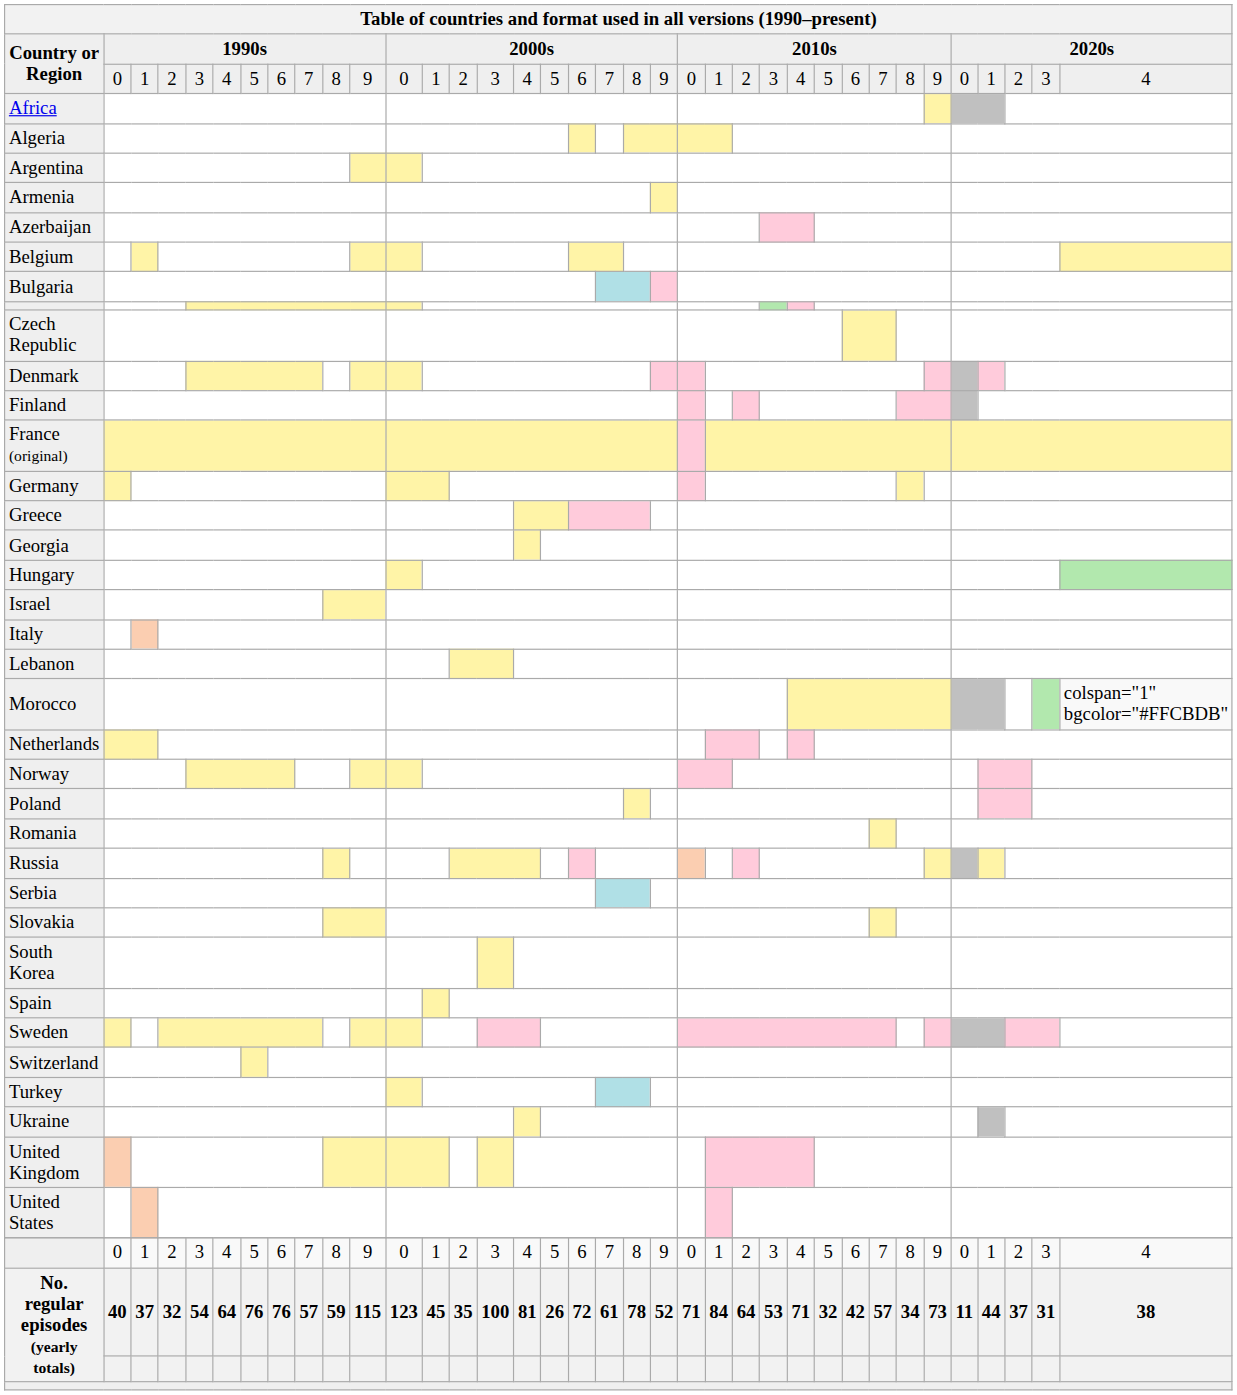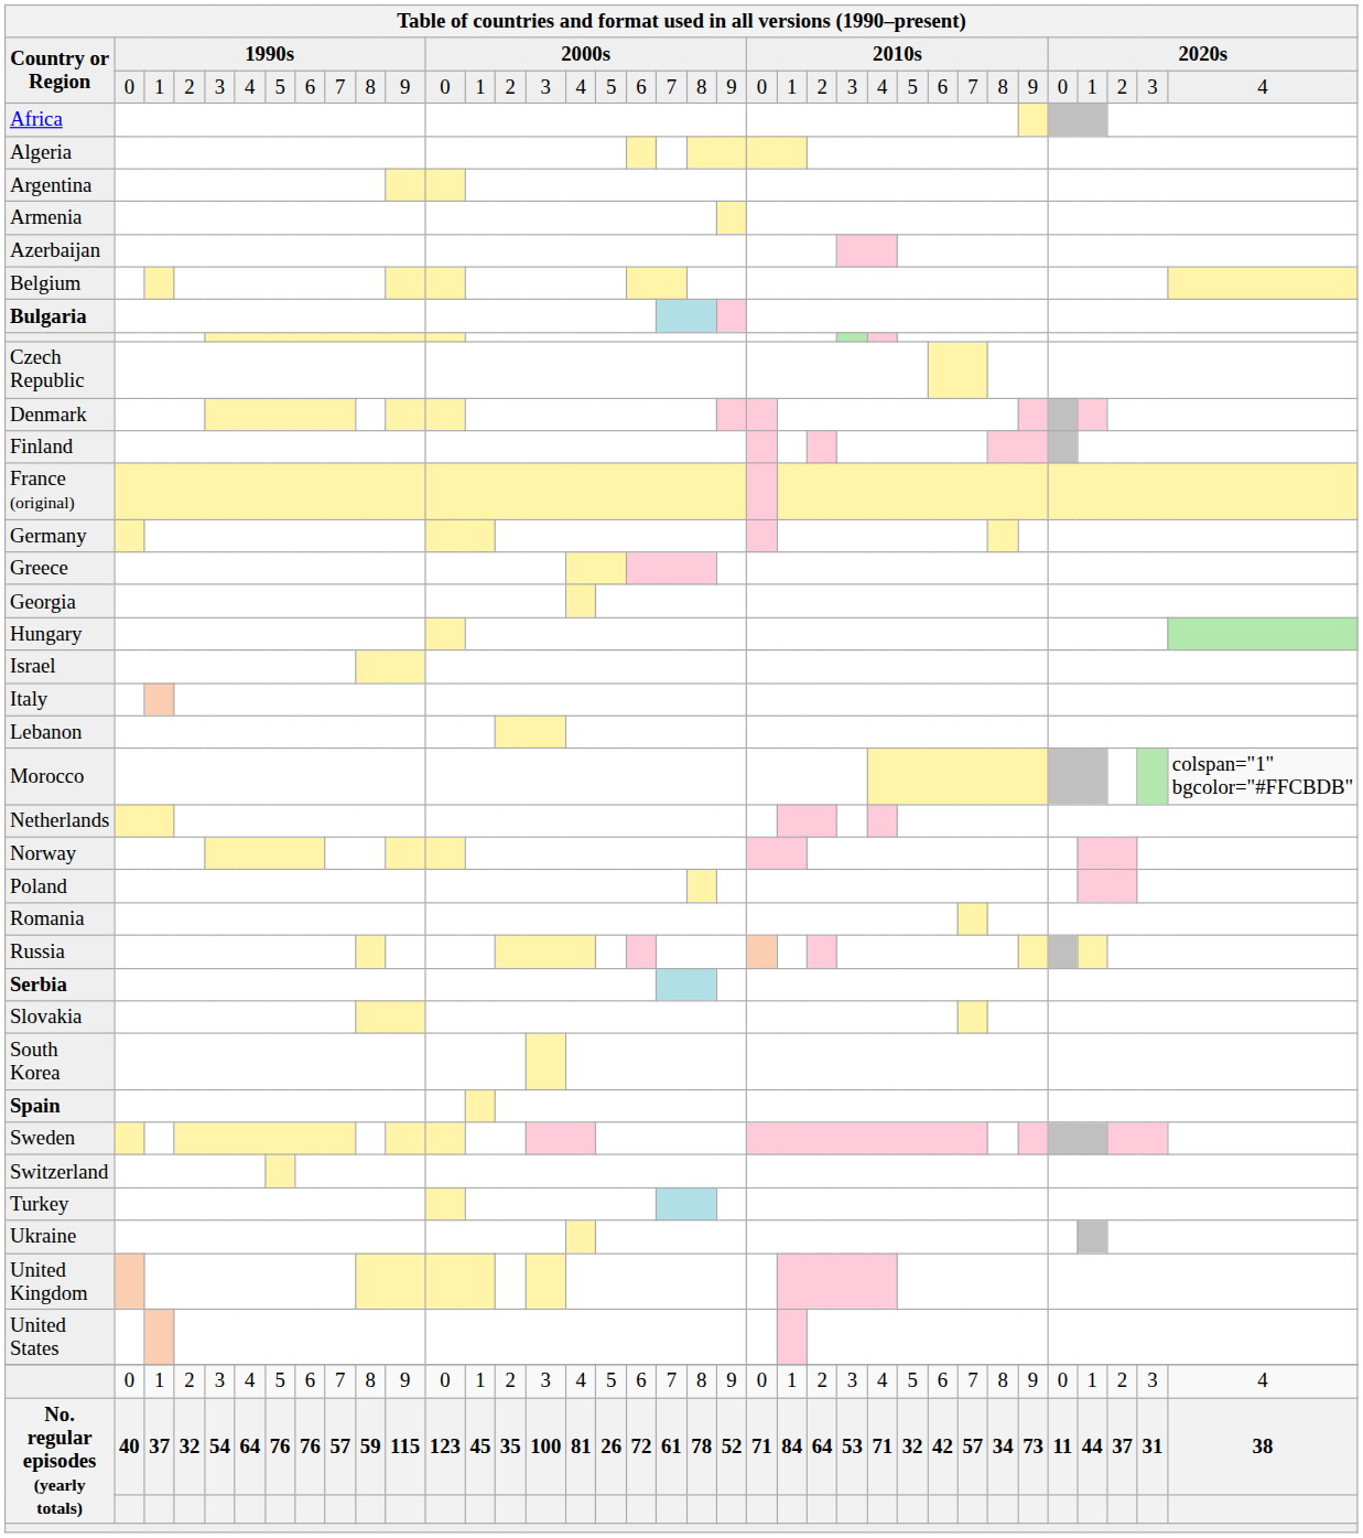 <table class="wikitable collapsible collapsed" text-align:center;>
 <tr>
 <th colspan="36">Table of countries and format used in all versions (1990–present)</th>
 </tr>
 <tr bgcolor="EFEFEF" align="center">
 <td rowspan="2"><strong>Country or Region</strong></td>
 <td colspan="10"><strong>1990s</strong></td>
 <td colspan="10"><strong>2000s</strong></td>
 <td colspan="10"><strong>2010s</strong></td>
 <td colspan="5"><strong>2020s</strong></td>
 </tr>
 <tr bgcolor="#EFEFEF" align="center">
 <td>0</td>
 <td>1</td>
 <td>2</td>
 <td>3</td>
 <td>4</td>
 <td>5</td>
 <td>6</td>
 <td>7</td>
 <td>8</td>
 <td>9</td>
 <td>0</td>
 <td>1</td>
 <td>2</td>
 <td>3</td>
 <td>4</td>
 <td>5</td>
 <td>6</td>
 <td>7</td>
 <td>8</td>
 <td>9</td>
 <td>0</td>
 <td>1</td>
 <td>2</td>
 <td>3</td>
 <td>4</td>
 <td>5</td>
 <td>6</td>
 <td>7</td>
 <td>8</td>
 <td>9</td>
 <td>0</td>
 <td>1</td>
 <td>2</td>
 <td>3</td>
 <td>4</td>
 </tr>
 <tr>
 <td bgcolor="#EFEFEF"><a href='#'>Africa</a></td>
 <td colspan="10" bgcolor="#FFFFFF"></td>
 <td colspan="10" bgcolor="#FFFFFF"></td>
 <td colspan="9" bgcolor="#FFFFFF"></td>
 <td colspan="1" bgcolor="#FFF4A7"></td>
 <td colspan="2" bgcolor="#C0C0C0"></td>
 <td colspan="3" bgcolor="#FFFFFF"></td>
 </tr>
 <tr>
 <td bgcolor="#EFEFEF">Algeria</td>
 <td colspan="10" bgcolor="#FFFFFF"></td>
 <td colspan="6" bgcolor="#FFFFFF"></td>
 <td colspan="1" bgcolor="#FFF4A7"></td>
 <td colspan="1" bgcolor="#FFFFFF"></td>
 <td colspan="2" bgcolor="#FFF4A7"></td>
 <td colspan="2" bgcolor="#FFF4A7"></td>
 <td colspan="8" bgcolor="#FFFFFF"></td>
 <td colspan="5" bgcolor="#FFFFFF"></td>
 </tr>
 <tr>
 <td bgcolor="#EFEFEF">Argentina</td>
 <td colspan="9" bgcolor="#FFFFFF"></td>
 <td colspan="1" bgcolor="#FFF4A7"></td>
 <td colspan="1" bgcolor="#FFF4A7"></td>
 <td colspan="9" bgcolor="#FFFFFF"></td>
 <td colspan="10" bgcolor="#FFFFFF"></td>
 <td colspan="5" bgcolor="#FFFFFF"></td>
 </tr>
 <tr>
 <td bgcolor="#EFEFEF">Armenia</td>
 <td colspan="10" bgcolor="#FFFFFF"></td>
 <td colspan="9" bgcolor="#FFFFFF"></td>
 <td colspan="1" bgcolor="#FFF4A7"></td>
 <td colspan="10" bgcolor="#FFFFFF"></td>
 <td colspan="5" bgcolor="#FFFFFF"></td>
 </tr>
 <tr>
 <td bgcolor="#EFEFEF">Azerbaijan</td>
 <td colspan="10" bgcolor="#FFFFFF"></td>
 <td colspan="10" bgcolor="#FFFFFF"></td>
 <td colspan="3" bgcolor="#FFFFFF"></td>
 <td colspan="2" bgcolor="#FFCBDB"></td>
 <td colspan="5" bgcolor="#FFFFFF"></td>
 <td colspan="5" bgcolor="#FFFFFF"></td>
 </tr>
 <tr>
 <td bgcolor="#EFEFEF">Belgium</td>
 <td colspan="1" bgcolor="#FFFFFF"></td>
 <td colspan="1" bgcolor="#FFF4A7"></td>
 <td colspan="7" bgcolor="#FFFFFF"></td>
 <td colspan="1" bgcolor="#FFF4A7"></td>
 <td colspan="1" bgcolor="#FFF4A7"></td>
 <td colspan="5" bgcolor="#FFFFFF"></td>
 <td colspan="2" bgcolor="#FFF4A7"></td>
 <td colspan="2" bgcolor="#FFFFFF"></td>
 <td colspan="10" bgcolor="#FFFFFF"></td>
 <td colspan="4" bgcolor="#FFFFFF"></td>
 <td colspan="1" bgcolor="#FFF4A7"></td>
 </tr>
 <tr>
-<td bgcolor="#EFEFEF">Bulgaria</td>
+<td bgcolor="#EFEFEF"><strong>Bulgaria</strong></td>
 <td colspan="10" bgcolor="#FFFFFF"></td>
 <td colspan="7" bgcolor="#FFFFFF"></td>
 <td colspan="2" bgcolor="#B0E0E6"></td>
 <td colspan="1" bgcolor="#FFCBDB"></td>
 <td colspan="10" bgcolor="#FFFFFF"></td>
 <td colspan="5" bgcolor="#FFFFFF"></td>
 </tr>
 <tr>
 <td bgcolor="#EFEFEF"></td>
 <td colspan="3" bgcolor="#FFFFFF"></td>
 <td colspan="7" bgcolor="#FFF4A7"></td>
 <td colspan="1" bgcolor="#FFF4A7"></td>
 <td colspan="9" bgcolor="#FFFFFF"></td>
 <td colspan="3" bgcolor="#FFFFFF"></td>
 <td colspan="1" bgcolor="#B2E8AE"></td>
 <td colspan="1" bgcolor="#FFCBDB"></td>
 <td colspan="5" bgcolor="#FFFFFF"></td>
 <td colspan="25" bgcolor="#FFFFFF"></td>
 </tr>
 <tr>
 <td bgcolor="#EFEFEF">Czech Republic</td>
 <td colspan="10" bgcolor="#FFFFFF"></td>
 <td colspan="10" bgcolor="#FFFFFF"></td>
 <td colspan="6" bgcolor="#FFFFFF"></td>
 <td colspan="2" bgcolor="#FFF4A7"></td>
 <td colspan="2" bgcolor="#FFFFFF"></td>
 <td colspan="5" bgcolor="#FFFFFF"></td>
 </tr>
 <tr>
 <td bgcolor="#EFEFEF">Denmark</td>
 <td colspan="3" bgcolor="#FFFFFF"></td>
 <td colspan="5" bgcolor="#FFF4A7"></td>
 <td colspan="1" bgcolor="#FFFFFF"></td>
 <td colspan="1" bgcolor="#FFF4A7"></td>
 <td colspan="1" bgcolor="#FFF4A7"></td>
 <td colspan="8" bgcolor="#FFFFFF"></td>
 <td colspan="1" bgcolor="#FFCBDB"></td>
 <td colspan="1" bgcolor="#FFCBDB"></td>
 <td colspan="8" bgcolor="#FFFFFF"></td>
 <td colspan="1" bgcolor="#FFCBDB"></td>
 <td colspan="1" bgcolor="#C0C0C0"></td>
 <td colspan="1" bgcolor="#FFCBDB"></td>
 <td colspan="3" bgcolor="#FFFFFF"></td>
 </tr>
 <tr>
 <td bgcolor="#EFEFEF">Finland</td>
 <td colspan="10" bgcolor="#FFFFFF"></td>
 <td colspan="10" bgcolor="#FFFFFF"></td>
 <td colspan="1" bgcolor="#FFCBDB"></td>
 <td colspan="1" bgcolor="#FFFFFF"></td>
 <td colspan="1" bgcolor="#FFCBDB"></td>
 <td colspan="5" bgcolor="#FFFFFF"></td>
 <td colspan="2" bgcolor="#FFCBDB"></td>
 <td colspan="1" bgcolor="#C0C0C0"></td>
 <td colspan="4" bgcolor="#FFFFFF"></td>
 </tr>
 <tr>
 <td bgcolor="#EFEFEF">France <small>(original)</small></td>
 <td colspan="10" bgcolor="#FFF4A7"></td>
 <td colspan="10" bgcolor="#FFF4A7"></td>
 <td colspan="1" bgcolor="#FFCBDB"></td>
 <td colspan="9" bgcolor="#FFF4A7"></td>
 <td colspan="5" bgcolor="#FFF4A7"></td>
 </tr>
 <tr>
 <td bgcolor="#EFEFEF">Germany</td>
 <td colspan="1" bgcolor="#FFF4A7"></td>
 <td colspan="9" bgcolor="#FFFFFF"></td>
 <td colspan="2" bgcolor="#FFF4A7"></td>
 <td colspan="8" bgcolor="#FFFFFF"></td>
 <td colspan="1" bgcolor="#FFCBDB"></td>
 <td colspan="7" bgcolor="#FFFFFF"></td>
 <td colspan="1" bgcolor="#FFF4A7"></td>
 <td colspan="1" bgcolor="#FFFFFF"></td>
 <td colspan="5" bgcolor="#FFFFFF"></td>
 </tr>
 <tr>
 <td bgcolor="#EFEFEF">Greece</td>
 <td colspan="10" bgcolor="#FFFFFF"></td>
 <td colspan="4" bgcolor="#FFFFFF"></td>
 <td colspan="2" bgcolor="#FFF4A7"></td>
 <td colspan="3" bgcolor="#FFCBDB"></td>
 <td colspan="1" bgcolor="#FFFFFF"></td>
 <td colspan="10" bgcolor="#FFFFFF"></td>
 <td colspan="5" bgcolor="#FFFFFF"></td>
 </tr>
 <tr>
 <td bgcolor="#EFEFEF">Georgia</td>
 <td colspan="10" bgcolor="#FFFFFF"></td>
 <td colspan="4" bgcolor="#FFFFFF"></td>
 <td colspan="1" bgcolor="#FFF4A7"></td>
 <td colspan="5" bgcolor="#FFFFFF"></td>
 <td colspan="10" bgcolor="#FFFFFF"></td>
 <td colspan="5" bgcolor="#FFFFFF"></td>
 </tr>
 <tr>
 <td bgcolor="#EFEFEF">Hungary</td>
 <td colspan="10" bgcolor="#FFFFFF"></td>
 <td colspan="1" bgcolor="#FFF4A7"></td>
 <td colspan="9" bgcolor="#FFFFFF"></td>
 <td colspan="10" bgcolor="#FFFFFF"></td>
 <td colspan="4" bgcolor="#FFFFFF"></td>
 <td colspan="1" bgcolor="#B2E8AE"></td>
 </tr>
 <tr>
 <td bgcolor="#EFEFEF">Israel</td>
 <td colspan="8" bgcolor="#FFFFFF"></td>
 <td colspan="2" bgcolor="#FFF4A7"></td>
 <td colspan="10" bgcolor="#FFFFFF"></td>
 <td colspan="10" bgcolor="#FFFFFF"></td>
 <td colspan="5" bgcolor="#FFFFFF"></td>
 </tr>
 <tr>
 <td bgcolor="#EFEFEF">Italy</td>
 <td colspan="1" bgcolor="#FFFFFF"></td>
 <td colspan="1" bgcolor="#FBCEB1"></td>
 <td colspan="8" bgcolor="#FFFFFF"></td>
 <td colspan="10" bgcolor="#FFFFFF"></td>
 <td colspan="10" bgcolor="#FFFFFF"></td>
 <td colspan="5" bgcolor="#FFFFFF"></td>
 </tr>
 <tr>
 <td bgcolor="#EFEFEF">Lebanon</td>
 <td colspan="10" bgcolor="#FFFFFF"></td>
 <td colspan="2" bgcolor="#FFFFFF"></td>
 <td colspan="2" bgcolor="#FFF4A7"></td>
 <td colspan="6" bgcolor="#FFFFFF"></td>
 <td colspan="10" bgcolor="#FFFFFF"></td>
 <td colspan="5" bgcolor="#FFFFFF"></td>
 </tr>
 <tr>
 <td bgcolor="#EFEFEF">Morocco</td>
 <td colspan="10" bgcolor="#FFFFFF"></td>
 <td colspan="10" bgcolor="#FFFFFF"></td>
 <td colspan="4" bgcolor="#FFFFFF"></td>
 <td colspan="6" bgcolor="#FFF4A7"></td>
 <td colspan="2" bgcolor="#C0C0C0"></td>
 <td colspan="1" bgcolor="#FFFFFF"></td>
 <td colspan="1" bgcolor="#B2E8AE"></td>
 <td>colspan="1" bgcolor="#FFCBDB" </td>
 </tr>
 <tr>
 <td bgcolor="#EFEFEF">Netherlands</td>
 <td colspan="2" bgcolor="#FFF4A7"></td>
 <td colspan="8" bgcolor="#FFFFFF"></td>
 <td colspan="10" bgcolor="#FFFFFF"></td>
 <td colspan="1" bgcolor="#FFFFFF"></td>
 <td colspan="2" bgcolor="#FFCBDB"></td>
 <td colspan="1" bgcolor="#FFFFFF"></td>
 <td colspan="1" bgcolor="#FFCBDB"></td>
 <td colspan="5" bgcolor="#FFFFFF"></td>
 <td colspan="5" bgcolor="#FFFFFF"></td>
 </tr>
 <tr>
 <td bgcolor="#EFEFEF">Norway</td>
 <td colspan="3" bgcolor="#FFFFFF"></td>
 <td colspan="4" bgcolor="#FFF4A7"></td>
 <td colspan="2" bgcolor="#FFFFFF"></td>
 <td colspan="1" bgcolor="#FFF4A7"></td>
 <td colspan="1" bgcolor="#FFF4A7"></td>
 <td colspan="9" bgcolor="#FFFFFF"></td>
 <td colspan="2" bgcolor="#FFCBDB"></td>
 <td colspan="8" bgcolor="#FFFFFF"></td>
 <td colspan="1" bgcolor="#FFFFFF"></td>
 <td colspan="2" bgcolor="#FFCBDB"></td>
 <td colspan="2" bgcolor="#FFFFFF"></td>
 </tr>
 <tr>
 <td bgcolor="#EFEFEF">Poland</td>
 <td colspan="10" bgcolor="#FFFFFF"></td>
 <td colspan="8" bgcolor="#FFFFFF"></td>
 <td colspan="1" bgcolor="#FFF4A7"></td>
 <td colspan="1" bgcolor="#FFFFFF"></td>
 <td colspan="10" bgcolor="#FFFFFF"></td>
 <td colspan="1" bgcolor="#FFFFFF"></td>
 <td colspan="2" bgcolor="#FFCBDB"></td>
 <td colspan="2" bgcolor="#FFFFFF"></td>
 </tr>
 <tr>
 <td bgcolor="#EFEFEF">Romania</td>
 <td colspan="10" bgcolor="#FFFFFF"></td>
 <td colspan="10" bgcolor="#FFFFFF"></td>
 <td colspan="7" bgcolor="#FFFFFF"></td>
 <td colspan="1" bgcolor="#FFF4A7"></td>
 <td colspan="2" bgcolor="#FFFFFF"></td>
 <td colspan="5" bgcolor="#FFFFFF"></td>
 </tr>
 <tr>
 <td bgcolor="#EFEFEF">Russia</td>
 <td colspan="8" bgcolor="#FFFFFF"></td>
 <td colspan="1" bgcolor="#FFF4A7"></td>
 <td colspan="1" bgcolor="#FFFFFF"></td>
 <td colspan="2" bgcolor="#FFFFFF"></td>
 <td colspan="3" bgcolor="#FFF4A7"></td>
 <td colspan="1" bgcolor="#FFFFFF"></td>
 <td colspan="1" bgcolor="#FFCBDB"></td>
 <td colspan="3" bgcolor="#FFFFFF"></td>
 <td colspan="1" bgcolor="#FBCEB1"></td>
 <td colspan="1" bgcolor="#FFFFFF"></td>
 <td colspan="1" bgcolor="#FFCBDB"></td>
 <td colspan="6" bgcolor="#FFFFFF"></td>
 <td colspan="1" bgcolor="#FFF4A7"></td>
 <td colspan="1" bgcolor="#C0C0C0"></td>
 <td colspan="1" bgcolor="#FFF4A7"></td>
 <td colspan="3" bgcolor="#FFFFFF"></td>
 </tr>
 <tr>
-<td bgcolor="#EFEFEF">Serbia</td>
+<td bgcolor="#EFEFEF"><strong>Serbia</strong></td>
 <td colspan="10" bgcolor="#FFFFFF"></td>
 <td colspan="7" bgcolor="#FFFFFF"></td>
 <td colspan="2" bgcolor="#B0E0E6"></td>
 <td colspan="1" bgcolor="#FFFFFF"></td>
 <td colspan="10" bgcolor="#FFFFFF"></td>
 <td colspan="5" bgcolor="#FFFFFF"></td>
 </tr>
 <tr>
 <td bgcolor="#EFEFEF">Slovakia</td>
 <td colspan="8" bgcolor="#FFFFFF"></td>
 <td colspan="2" bgcolor="#FFF4A7"></td>
 <td colspan="10" bgcolor="#FFFFFF"></td>
 <td colspan="7" bgcolor="#FFFFFF"></td>
 <td colspan="1" bgcolor="#FFF4A7"></td>
 <td colspan="2" bgcolor="#FFFFFF"></td>
 <td colspan="5" bgcolor="#FFFFFF"></td>
 </tr>
 <tr>
 <td bgcolor="#EFEFEF">South Korea</td>
 <td colspan="10" bgcolor="#FFFFFF"></td>
 <td colspan="3" bgcolor="#FFFFFF"></td>
 <td colspan="1" bgcolor="#FFF4A7"></td>
 <td colspan="6" bgcolor="#FFFFFF"></td>
 <td colspan="10" bgcolor="#FFFFFF"></td>
 <td colspan="5" bgcolor="#FFFFFF"></td>
 </tr>
 <tr>
-<td bgcolor="#EFEFEF">Spain</td>
+<td bgcolor="#EFEFEF"><strong>Spain</strong></td>
 <td colspan="10" bgcolor="#FFFFFF"></td>
 <td colspan="1" bgcolor="#FFFFFF"></td>
 <td colspan="1" bgcolor="#FFF4A7"></td>
 <td colspan="8" bgcolor="#FFFFFF"></td>
 <td colspan="10" bgcolor="#FFFFFF"></td>
 <td colspan="5" bgcolor="#FFFFFF"></td>
 </tr>
 <tr>
 <td bgcolor="#EFEFEF">Sweden</td>
 <td colspan="1" bgcolor="#FFF4A7"></td>
 <td colspan="1" bgcolor="#FFFFFF"></td>
 <td colspan="6" bgcolor="#FFF4A7"></td>
 <td colspan="1" bgcolor="#FFFFFF"></td>
 <td colspan="1" bgcolor="#FFF4A7"></td>
 <td colspan="1" bgcolor="#FFF4A7"></td>
 <td colspan="2" bgcolor="#FFFFFF"></td>
 <td colspan="2" bgcolor="#FFCBDB"></td>
 <td colspan="5" bgcolor="#FFFFFF"></td>
 <td colspan="8" bgcolor="#FFCBDB"></td>
 <td colspan="1" bgcolor="#FFFFFF"></td>
 <td colspan="1" bgcolor="#FFCBDB"></td>
 <td colspan="2" bgcolor="#C0C0C0"></td>
 <td colspan="2" bgcolor="#FFCBDB"></td>
 <td colspan="1" bgcolor="#FFFFFF"></td>
 </tr>
 <tr>
 <td bgcolor="#EFEFEF">Switzerland</td>
 <td colspan="5" bgcolor="#FFFFFF"></td>
 <td colspan="1" bgcolor="#FFF4A7"></td>
 <td colspan="4" bgcolor="#FFFFFF"></td>
 <td colspan="10" bgcolor="#FFFFFF"></td>
 <td colspan="10" bgcolor="#FFFFFF"></td>
 <td colspan="5" bgcolor="#FFFFFF"></td>
 </tr>
 <tr>
 <td bgcolor="#EFEFEF">Turkey</td>
 <td colspan="10" bgcolor="#FFFFFF"></td>
 <td colspan="1" bgcolor="#FFF4A7"></td>
 <td colspan="6" bgcolor="#FFFFFF"></td>
 <td colspan="2" bgcolor="#B0E0E6"></td>
 <td colspan="1" bgcolor="#FFFFFF"></td>
 <td colspan="10" bgcolor="#FFFFFF"></td>
 <td colspan="5" bgcolor="#FFFFFF"></td>
 </tr>
 <tr>
 <td bgcolor="#EFEFEF">Ukraine</td>
 <td colspan="10" bgcolor="#FFFFFF"></td>
 <td colspan="4" bgcolor="#FFFFFF"></td>
 <td colspan="1" bgcolor="#FFF4A7"></td>
 <td colspan="5" bgcolor="#FFFFFF"></td>
 <td colspan="10" bgcolor="#FFFFFF"></td>
 <td colspan="1" bgcolor="#FFFFFF"></td>
 <td colspan="1" bgcolor="#C0C0C0"></td>
 <td colspan="3" bgcolor="#FFFFFF"></td>
 </tr>
 <tr>
 <td bgcolor="#EFEFEF">United Kingdom</td>
 <td colspan="1" bgcolor="#FBCEB1"></td>
 <td colspan="7" bgcolor="#FFFFFF"></td>
 <td colspan="2" bgcolor="#FFF4A7"></td>
 <td colspan="2" bgcolor="#FFF4A7"></td>
 <td colspan="1" bgcolor="#FFFFFF"></td>
 <td colspan="1" bgcolor="#FFF4A7"></td>
 <td colspan="6" bgcolor="#FFFFFF"></td>
 <td colspan="1" bgcolor="#FFFFFF"></td>
 <td colspan="4" bgcolor="#FFCBDB"></td>
 <td colspan="5" bgcolor="#FFFFFF"></td>
 <td colspan="5" bgcolor="#FFFFFF"></td>
 </tr>
 <tr>
 <td bgcolor="#EFEFEF">United States</td>
 <td colspan="1" bgcolor="#FFFFFF"></td>
 <td colspan="1" bgcolor="#FBCEB1"></td>
 <td colspan="8" bgcolor="#FFFFFF"></td>
 <td colspan="10" bgcolor="#FFFFFF"></td>
 <td colspan="1" bgcolor="#FFFFFF"></td>
 <td colspan="1" bgcolor="#FFCBDB"></td>
 <td colspan="8" bgcolor="#FFFFFF"></td>
 <td colspan="5" bgcolor="#FFFFFF"></td>
 </tr>
 <tr>
 </tr>
 <tr align="center">
 <td bgcolor="EFEFEF"></td>
 <td>0</td>
 <td>1</td>
 <td>2</td>
 <td>3</td>
 <td>4</td>
 <td>5</td>
 <td>6</td>
 <td>7</td>
 <td>8</td>
 <td>9</td>
 <td>0</td>
 <td>1</td>
 <td>2</td>
 <td>3</td>
 <td>4</td>
 <td>5</td>
 <td>6</td>
 <td>7</td>
 <td>8</td>
 <td>9</td>
 <td>0</td>
 <td>1</td>
 <td>2</td>
 <td>3</td>
 <td>4</td>
 <td>5</td>
 <td>6</td>
 <td>7</td>
 <td>8</td>
 <td>9</td>
 <td>0</td>
 <td>1</td>
 <td>2</td>
 <td>3</td>
 <td>4</td>
 </tr>
 <tr>
 <th rowspan="2">No. regular episodes<br><small>(yearly totals)</small></th>
 <th>40</th>
 <th>37</th>
 <th>32</th>
 <th>54</th>
 <th>64</th>
 <th>76</th>
 <th>76</th>
 <th>57</th>
 <th>59</th>
 <th>115</th>
 <th>123</th>
 <th>45</th>
 <th>35</th>
 <th>100</th>
 <th>81</th>
 <th>26</th>
 <th>72</th>
 <th>61</th>
 <th>78</th>
 <th>52</th>
 <th>71</th>
 <th>84</th>
 <th>64</th>
 <th>53</th>
 <th>71</th>
 <th>32</th>
 <th>42</th>
 <th>57</th>
 <th>34</th>
 <th>73</th>
 <th>11</th>
 <th>44</th>
 <th>37</th>
 <th>31</th>
 <th>38</th>
 </tr>
 <tr>
 <th></th>
 <th></th>
 <th></th>
 <th></th>
 <th></th>
 <th></th>
 <th></th>
 <th></th>
 <th></th>
 <th></th>
 <th></th>
 <th></th>
 <th></th>
 <th></th>
 <th></th>
 <th></th>
 <th></th>
 <th></th>
 <th></th>
 <th></th>
 <th></th>
 <th></th>
 <th></th>
 <th></th>
 <th></th>
 <th></th>
 <th></th>
 <th></th>
 <th></th>
 <th></th>
 <th></th>
 <th></th>
 <th></th>
 <th></th>
 <th></th>
 </tr>
 <tr>
 <td style="background:#EFEFEF;" colspan="36" align="center"></td>
 </tr>
 </table>
